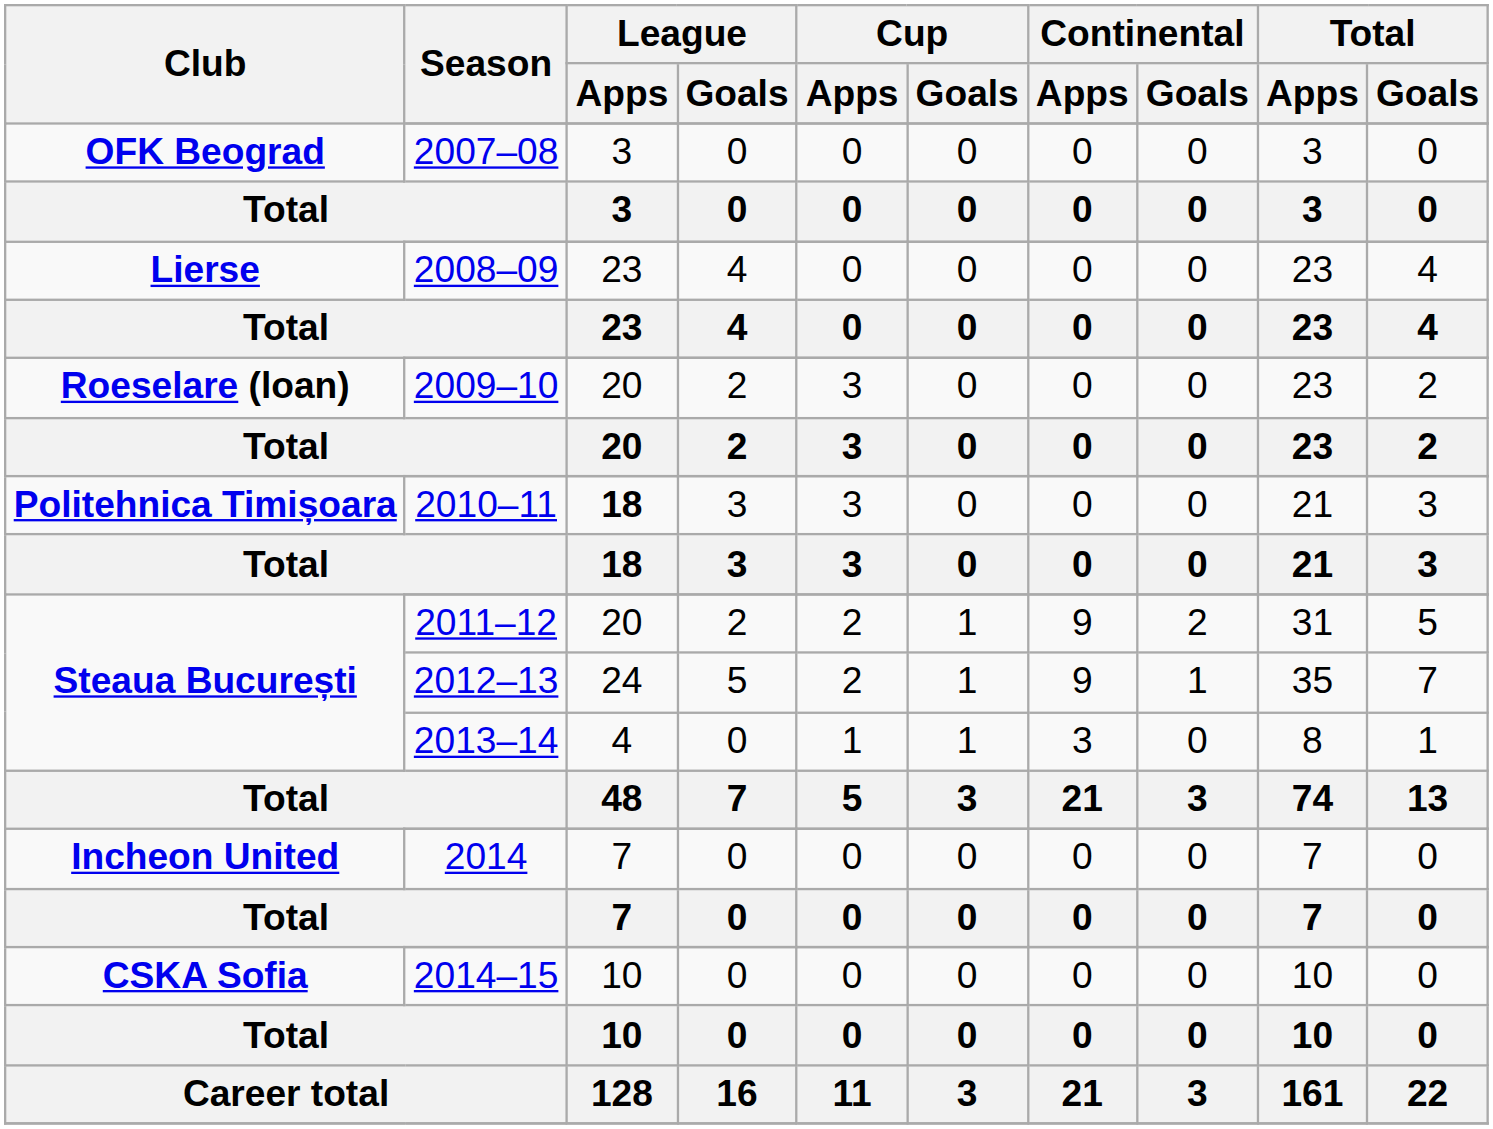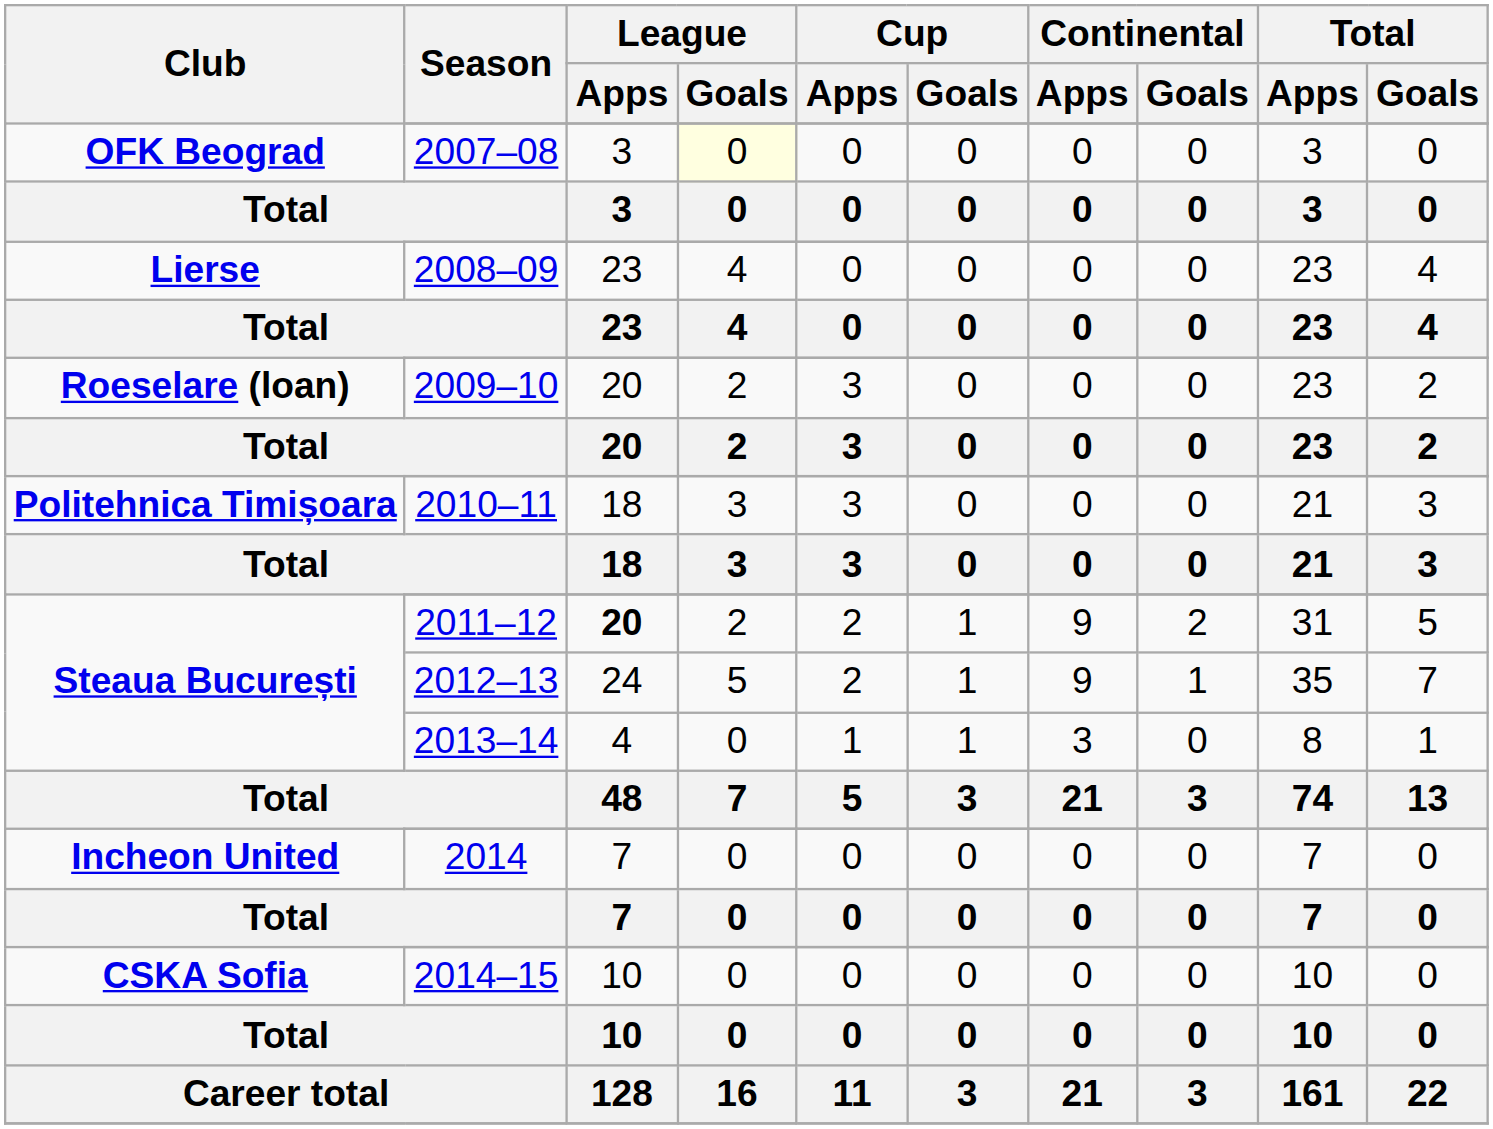 <table class="wikitable" style="text-align:center;">
 <tr>
 <th rowspan="2">Club</th>
 <th rowspan="2">Season</th>
 <th colspan="2">League</th>
 <th colspan="2">Cup</th>
 <th colspan="2">Continental</th>
 <th colspan="2">Total</th>
 </tr>
 <tr>
 <th>Apps</th>
 <th>Goals</th>
 <th>Apps</th>
 <th>Goals</th>
 <th>Apps</th>
 <th>Goals</th>
 <th>Apps</th>
 <th>Goals</th>
 </tr>
 <tr>
 <td rowspan="2"><strong><a href='#'>OFK Beograd</a></strong></td>
 </tr>
 <tr>
 <td><a href='#'>2007–08</a></td>
 <td>3</td>
-<td>0</td>
+<td style="background: lightyellow;">0</td>
 <td>0</td>
 <td>0</td>
 <td>0</td>
 <td>0</td>
 <td>3</td>
 <td>0</td>
 </tr>
 <tr>
 <th colspan="2">Total</th>
 <th>3</th>
 <th>0</th>
 <th>0</th>
 <th>0</th>
 <th>0</th>
 <th>0</th>
 <th>3</th>
 <th>0</th>
 </tr>
 <tr>
 <td rowspan="2"><strong><a href='#'>Lierse</a></strong></td>
 </tr>
 <tr>
 <td><a href='#'>2008–09</a></td>
 <td>23</td>
 <td>4</td>
 <td>0</td>
 <td>0</td>
 <td>0</td>
 <td>0</td>
 <td>23</td>
 <td>4</td>
 </tr>
 <tr>
 <th colspan="2">Total</th>
 <th>23</th>
 <th>4</th>
 <th>0</th>
 <th>0</th>
 <th>0</th>
 <th>0</th>
 <th>23</th>
 <th>4</th>
 </tr>
 <tr>
 <td rowspan="2"><strong><a href='#'>Roeselare</a> (loan)</strong></td>
 </tr>
 <tr>
 <td><a href='#'>2009–10</a></td>
 <td>20</td>
 <td>2</td>
 <td>3</td>
 <td>0</td>
 <td>0</td>
 <td>0</td>
 <td>23</td>
 <td>2</td>
 </tr>
 <tr>
 <th colspan="2">Total</th>
 <th>20</th>
 <th>2</th>
 <th>3</th>
 <th>0</th>
 <th>0</th>
 <th>0</th>
 <th>23</th>
 <th>2</th>
 </tr>
 <tr>
 <td rowspan="2"><strong><a href='#'>Politehnica Timișoara</a></strong></td>
 </tr>
 <tr>
 <td><a href='#'>2010–11</a></td>
-<td><strong>18</strong></td>
+<td>18</td>
 <td>3</td>
 <td>3</td>
 <td>0</td>
 <td>0</td>
 <td>0</td>
 <td>21</td>
 <td>3</td>
 </tr>
 <tr>
 <th colspan="2">Total</th>
 <th>18</th>
 <th>3</th>
 <th>3</th>
 <th>0</th>
 <th>0</th>
 <th>0</th>
 <th>21</th>
 <th>3</th>
 </tr>
 <tr>
 <td rowspan="4"><strong><a href='#'>Steaua București</a></strong></td>
 </tr>
 <tr>
 <td><a href='#'>2011–12</a></td>
-<td>20</td>
+<td><strong>20</strong></td>
 <td>2</td>
 <td>2</td>
 <td>1</td>
 <td>9</td>
 <td>2</td>
 <td>31</td>
 <td>5</td>
 </tr>
 <tr>
 <td><a href='#'>2012–13</a></td>
 <td>24</td>
 <td>5</td>
 <td>2</td>
 <td>1</td>
 <td>9</td>
 <td>1</td>
 <td>35</td>
 <td>7</td>
 </tr>
 <tr>
 <td><a href='#'>2013–14</a></td>
 <td>4</td>
 <td>0</td>
 <td>1</td>
 <td>1</td>
 <td>3</td>
 <td>0</td>
 <td>8</td>
 <td>1</td>
 </tr>
 <tr>
 <th colspan="2">Total</th>
 <th>48</th>
 <th>7</th>
 <th>5</th>
 <th>3</th>
 <th>21</th>
 <th>3</th>
 <th>74</th>
 <th>13</th>
 </tr>
 <tr>
 <td rowspan="2"><strong><a href='#'>Incheon United</a></strong></td>
 </tr>
 <tr>
 <td><a href='#'>2014</a></td>
 <td>7</td>
 <td>0</td>
 <td>0</td>
 <td>0</td>
 <td>0</td>
 <td>0</td>
 <td>7</td>
 <td>0</td>
 </tr>
 <tr>
 <th colspan="2">Total</th>
 <th>7</th>
 <th>0</th>
 <th>0</th>
 <th>0</th>
 <th>0</th>
 <th>0</th>
 <th>7</th>
 <th>0</th>
 </tr>
 <tr>
 <td rowspan="2"><strong><a href='#'>CSKA Sofia</a></strong></td>
 </tr>
 <tr>
 <td><a href='#'>2014–15</a></td>
 <td>10</td>
 <td>0</td>
 <td>0</td>
 <td>0</td>
 <td>0</td>
 <td>0</td>
 <td>10</td>
 <td>0</td>
 </tr>
 <tr>
 <th colspan="2">Total</th>
 <th>10</th>
 <th>0</th>
 <th>0</th>
 <th>0</th>
 <th>0</th>
 <th>0</th>
 <th>10</th>
 <th>0</th>
 </tr>
 <tr>
 <th colspan="2">Career total</th>
 <th>128</th>
 <th>16</th>
 <th>11</th>
 <th>3</th>
 <th>21</th>
 <th>3</th>
 <th>161</th>
 <th>22</th>
 </tr>
 <tr>
 </tr>
 </table>
